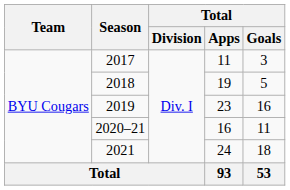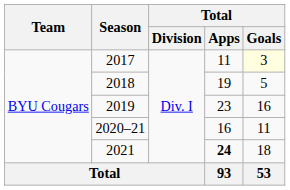 <table class="wikitable" style="text-align: center;">
 <tr>
 <th rowspan="2">Team</th>
 <th rowspan="2">Season</th>
 <th colspan="3">Total</th>
 </tr>
 <tr>
 <th>Division</th>
 <th>Apps</th>
 <th>Goals</th>
 </tr>
 <tr>
 <td rowspan="5"><a href='#'>BYU Cougars</a></td>
 <td>2017</td>
 <td rowspan="5"><a href='#'>Div. I</a></td>
 <td>11</td>
-<td>3</td>
+<td style="background: lightyellow;">3</td>
 </tr>
 <tr>
 <td>2018</td>
 <td>19</td>
 <td>5</td>
 </tr>
 <tr>
 <td>2019</td>
 <td>23</td>
 <td>16</td>
 </tr>
 <tr>
 <td>2020–21</td>
 <td>16</td>
 <td>11</td>
 </tr>
 <tr>
 <td>2021</td>
-<td>24</td>
+<td><strong>24</strong></td>
 <td>18</td>
 </tr>
 <tr>
 <th colspan="3">Total</th>
 <th>93</th>
 <th>53</th>
 </tr>
 </table>
